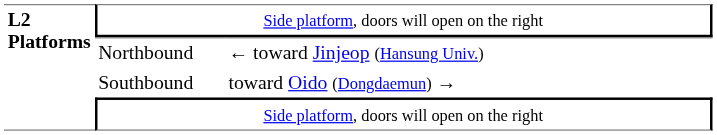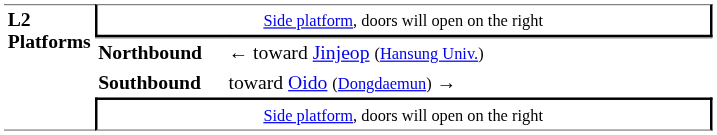 <table table border=0 cellspacing=0 cellpadding=3>
 <tr>
 <td style="border-top:solid 1px gray;border-bottom:solid 1px gray;" width=50 rowspan=10 valign=top><strong>L2<br>Platforms</strong></td>
 <td style="border-top:solid 1px gray;border-right:solid 2px black;border-left:solid 2px black;border-bottom:solid 2px black;text-align:center;" colspan=2><small><a href='#'>Side platform</a>, doors will open on the right</small></td>
 </tr>
 <tr>
-<td style="border-bottom:solid 0px gray;border-top:solid 1px gray;" width=100>Northbound</td>
+<td style="border-bottom:solid 0px gray;border-top:solid 1px gray;" width=100><strong>Northbound</strong></td>
 <td style="border-bottom:solid 0px gray;border-top:solid 1px gray;" width=390>←  toward <a href='#'>Jinjeop</a> <small>(<a href='#'>Hansung Univ.</a>)</small></td>
 </tr>
 <tr>
-<td>Southbound</td>
+<td><strong>Southbound</strong></td>
 <td>  toward <a href='#'>Oido</a> <small>(<a href='#'>Dongdaemun</a>)</small> →</td>
 </tr>
 <tr>
 <td style="border-top:solid 2px black;border-right:solid 2px black;border-left:solid 2px black;border-bottom:solid 1px gray;text-align:center;" colspan=2><small><a href='#'>Side platform</a>, doors will open on the right</small></td>
 </tr>
 </table>
